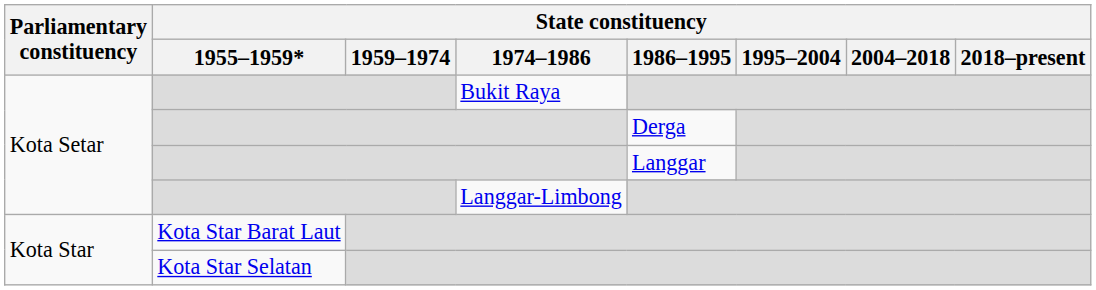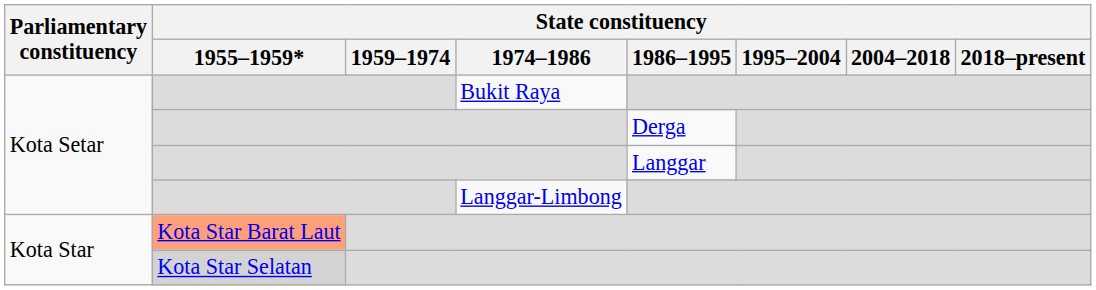 <table class="wikitable">
 <tr>
 <th rowspan="2">Parliamentary<br>constituency</th>
 <th colspan="7">State constituency</th>
 </tr>
 <tr>
 <th>1955–1959*</th>
 <th>1959–1974</th>
 <th>1974–1986</th>
 <th>1986–1995</th>
 <th>1995–2004</th>
 <th>2004–2018</th>
 <th>2018–present</th>
 </tr>
 <tr>
 <td rowspan="4">Kota Setar</td>
 <td colspan="2" bgcolor="dcdcdc"></td>
 <td><a href='#'>Bukit Raya</a></td>
 <td colspan="4" bgcolor="dcdcdc"></td>
 </tr>
 <tr>
 <td colspan="3" bgcolor="dcdcdc"></td>
 <td><a href='#'>Derga</a></td>
 <td colspan="3" bgcolor="dcdcdc"></td>
 </tr>
 <tr>
 <td colspan="3" bgcolor="dcdcdc"></td>
 <td><a href='#'>Langgar</a></td>
 <td colspan="3" bgcolor="dcdcdc"></td>
 </tr>
 <tr>
 <td colspan="2" bgcolor="dcdcdc"></td>
 <td><a href='#'>Langgar-Limbong</a></td>
 <td colspan="4" bgcolor="dcdcdc"></td>
 </tr>
 <tr>
 <td rowspan="2">Kota Star</td>
-<td><a href='#'>Kota Star Barat Laut</a></td>
+<td style="background: lightsalmon;"><a href='#'>Kota Star Barat Laut</a></td>
 <td colspan="6" bgcolor="dcdcdc"></td>
 </tr>
 <tr>
-<td><a href='#'>Kota Star Selatan</a></td>
+<td style="background: lightgrey;"><a href='#'>Kota Star Selatan</a></td>
 <td colspan="6" bgcolor="dcdcdc"></td>
 </tr>
 </table>
